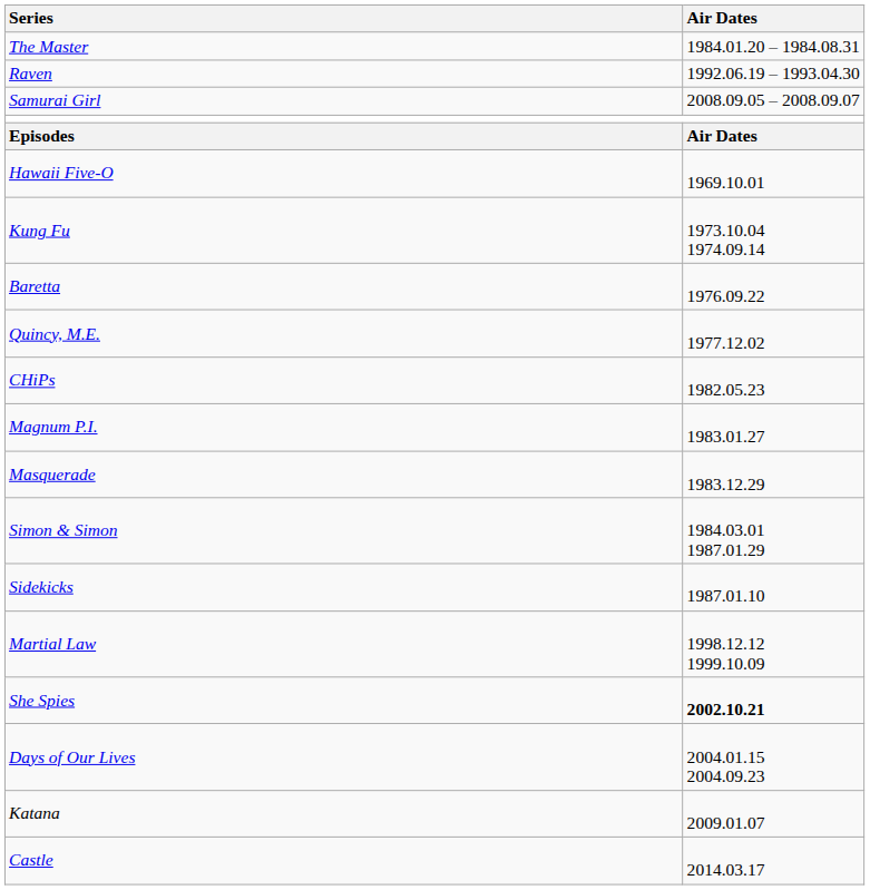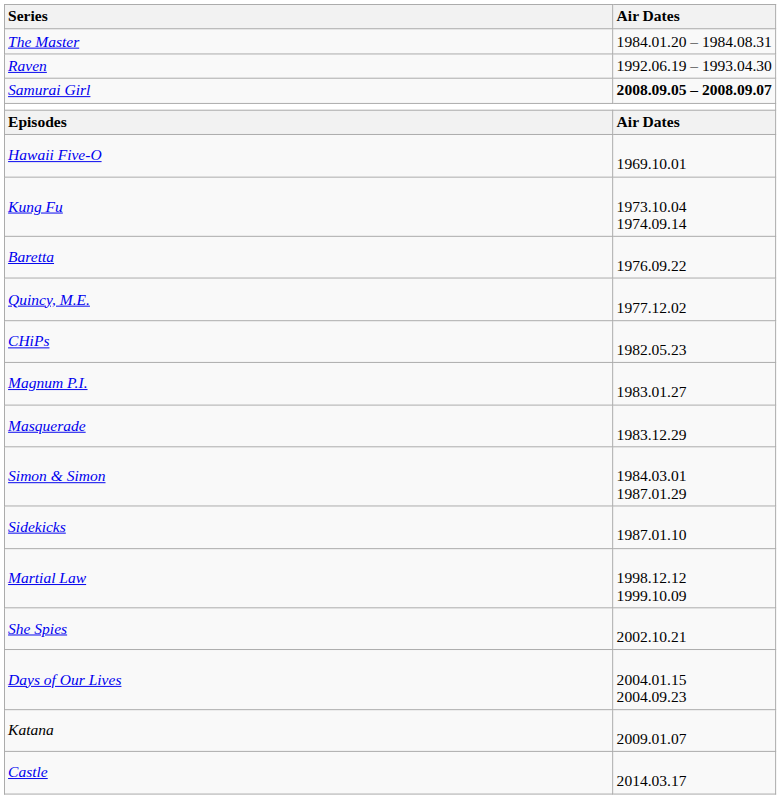 <table class="wikitable" border="1">
 <tr>
 <th width="620" style="text-align:left;">Series</th>
 <th width="160" style="text-align:left;">Air Dates</th>
 </tr>
 <tr>
 <td><em><a href='#'>The Master</a></em></td>
 <td>1984.01.20 – 1984.08.31</td>
 </tr>
 <tr>
 <td><em><a href='#'>Raven</a></em></td>
 <td>1992.06.19 – 1993.04.30</td>
 </tr>
 <tr>
 <td><em><a href='#'>Samurai Girl</a></em>  </td>
-<td>2008.09.05 – 2008.09.07</td>
+<td><strong>2008.09.05 – 2008.09.07</strong></td>
 </tr>
 <tr>
 <td style="background: white" colspan="3"></td>
 </tr>
 <tr>
 <th width="620" style="text-align:left;">Episodes</th>
 <th width="160" style="text-align:left;">Air Dates</th>
 </tr>
 <tr>
 <td><em><a href='#'>Hawaii Five-O</a></em><br></td>
 <td><br>1969.10.01</td>
 </tr>
 <tr>
 <td><em><a href='#'>Kung Fu</a></em><br></td>
 <td><br>1973.10.04<br>1974.09.14</td>
 </tr>
 <tr>
 <td><em><a href='#'>Baretta</a></em><br></td>
 <td><br>1976.09.22</td>
 </tr>
 <tr>
 <td><em><a href='#'>Quincy, M.E.</a></em><br></td>
 <td><br>1977.12.02</td>
 </tr>
 <tr>
 <td><em><a href='#'>CHiPs</a></em><br></td>
 <td><br>1982.05.23</td>
 </tr>
 <tr>
 <td><em><a href='#'>Magnum P.I.</a></em><br></td>
 <td><br>1983.01.27</td>
 </tr>
 <tr>
 <td><em><a href='#'>Masquerade</a></em><br></td>
 <td><br>1983.12.29</td>
 </tr>
 <tr>
 <td><em><a href='#'>Simon & Simon</a></em><br></td>
 <td><br>1984.03.01<br>1987.01.29</td>
 </tr>
 <tr>
 <td><em><a href='#'>Sidekicks</a></em><br></td>
 <td><br>1987.01.10</td>
 </tr>
 <tr>
 <td><em><a href='#'>Martial Law</a></em><br></td>
 <td><br>1998.12.12<br>1999.10.09</td>
 </tr>
 <tr>
 <td><em><a href='#'>She Spies</a></em><br></td>
-<td><strong><br>2002.10.21</strong></td>
+<td><br>2002.10.21</td>
 </tr>
 <tr>
 <td><em><a href='#'>Days of Our Lives</a></em><br></td>
 <td><br>2004.01.15<br>2004.09.23</td>
 </tr>
 <tr>
 <td><em>Katana</em><br></td>
 <td><br>2009.01.07</td>
 </tr>
 <tr>
 <td><em><a href='#'>Castle</a></em><br></td>
 <td><br>2014.03.17</td>
 </tr>
 </table>
